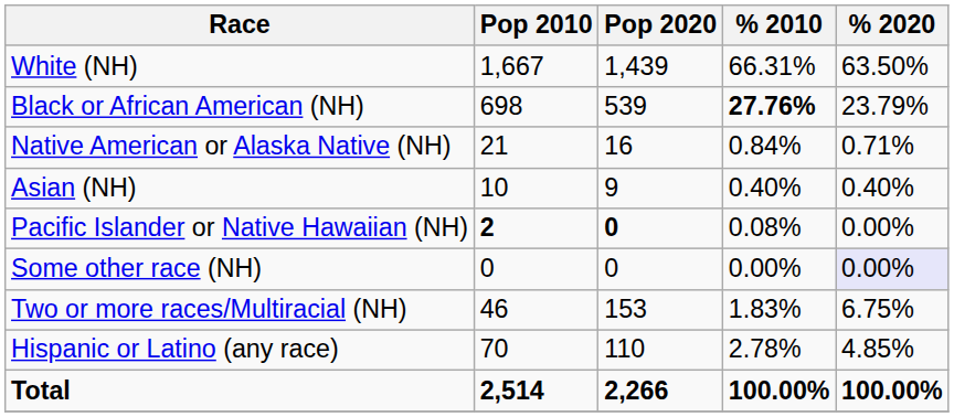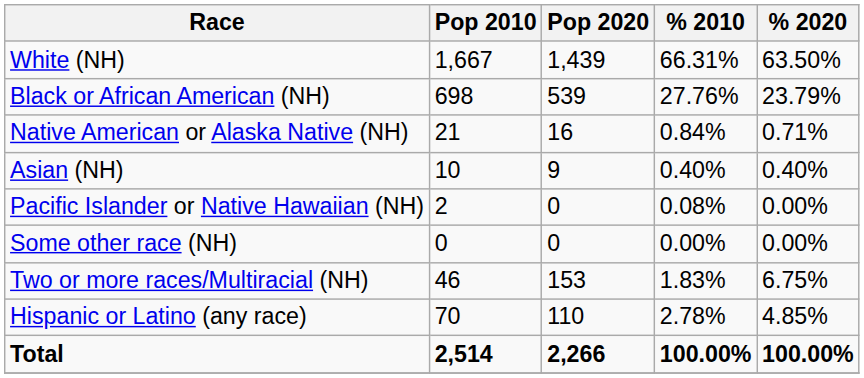 <table class="wikitable">
 <tr>
 <th>Race</th>
 <th>Pop 2010</th>
 <th>Pop 2020</th>
 <th>% 2010</th>
 <th>% 2020</th>
 </tr>
 <tr>
 <td><a href='#'>White</a> (NH)</td>
 <td>1,667</td>
 <td>1,439</td>
 <td>66.31%</td>
 <td>63.50%</td>
 </tr>
 <tr>
 <td><a href='#'>Black or African American</a> (NH)</td>
 <td>698</td>
 <td>539</td>
-<td><strong>27.76%</strong></td>
+<td>27.76%</td>
 <td>23.79%</td>
 </tr>
 <tr>
 <td><a href='#'>Native American</a> or <a href='#'>Alaska Native</a> (NH)</td>
 <td>21</td>
 <td>16</td>
 <td>0.84%</td>
 <td>0.71%</td>
 </tr>
 <tr>
 <td><a href='#'>Asian</a> (NH)</td>
 <td>10</td>
 <td>9</td>
 <td>0.40%</td>
 <td>0.40%</td>
 </tr>
 <tr>
 <td><a href='#'>Pacific Islander</a> or <a href='#'>Native Hawaiian</a> (NH)</td>
-<td><strong>2</strong></td>
-<td><strong>0</strong></td>
+<td>2</td>
+<td>0</td>
 <td>0.08%</td>
 <td>0.00%</td>
 </tr>
 <tr>
 <td><a href='#'>Some other race</a> (NH)</td>
 <td>0</td>
 <td>0</td>
 <td>0.00%</td>
-<td style="background: lavender;">0.00%</td>
+<td>0.00%</td>
 </tr>
 <tr>
 <td><a href='#'>Two or more races/Multiracial</a> (NH)</td>
 <td>46</td>
 <td>153</td>
 <td>1.83%</td>
 <td>6.75%</td>
 </tr>
 <tr>
 <td><a href='#'>Hispanic or Latino</a> (any race)</td>
 <td>70</td>
 <td>110</td>
 <td>2.78%</td>
 <td>4.85%</td>
 </tr>
 <tr>
 <td><strong>Total</strong></td>
 <td><strong>2,514</strong></td>
 <td><strong>2,266</strong></td>
 <td><strong>100.00%</strong></td>
 <td><strong>100.00%</strong></td>
 </tr>
 <tr>
 </tr>
 </table>
